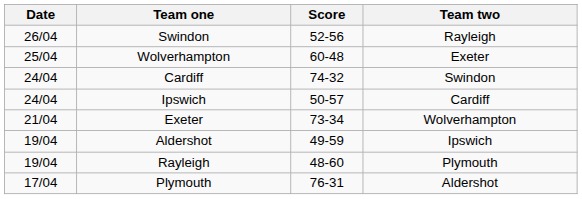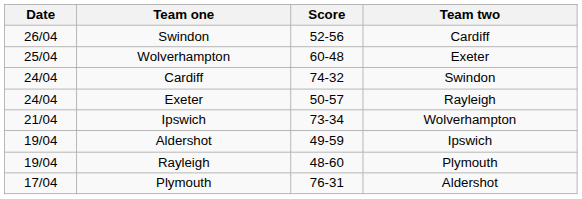 <table class="wikitable" style="text-align: center">
 <tr>
 <th width=80>Date</th>
 <th width=250>Team one</th>
 <th width=80>Score</th>
 <th width=250>Team two</th>
 </tr>
 <tr>
 <td>26/04</td>
 <td>Swindon</td>
 <td>52-56</td>
-<td>Rayleigh</td>
+<td>Cardiff</td>
 </tr>
 <tr>
 <td>25/04</td>
 <td>Wolverhampton</td>
 <td>60-48</td>
 <td>Exeter</td>
 </tr>
 <tr>
 <td>24/04</td>
 <td>Cardiff</td>
 <td>74-32</td>
 <td>Swindon</td>
 </tr>
 <tr>
 <td>24/04</td>
-<td>Ipswich</td>
+<td>Exeter</td>
 <td>50-57</td>
-<td>Cardiff</td>
+<td>Rayleigh</td>
 </tr>
 <tr>
 <td>21/04</td>
-<td>Exeter</td>
+<td>Ipswich</td>
 <td>73-34</td>
 <td>Wolverhampton</td>
 </tr>
 <tr>
 <td>19/04</td>
 <td>Aldershot</td>
 <td>49-59</td>
 <td>Ipswich</td>
 </tr>
 <tr>
 <td>19/04</td>
 <td>Rayleigh</td>
 <td>48-60</td>
 <td>Plymouth</td>
 </tr>
 <tr>
 <td>17/04</td>
 <td>Plymouth</td>
 <td>76-31</td>
 <td>Aldershot</td>
 </tr>
 </table>
